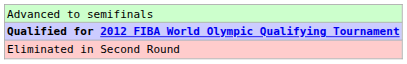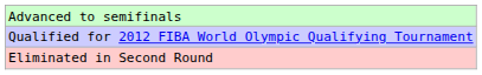 <table class=wikitable>
 <tr>
 <td bgcolor=#ccffcc>Advanced to semifinals</td>
 </tr>
 <tr>
-<td bgcolor=ccccff><strong>Qualified for <a href='#'>2012 FIBA World Olympic Qualifying Tournament</a></strong></td>
+<td bgcolor=ccccff>Qualified for <a href='#'>2012 FIBA World Olympic Qualifying Tournament</a></td>
 </tr>
 <tr>
 <td bgcolor=#ffcccc>Eliminated in Second Round</td>
 </tr>
 </table>
